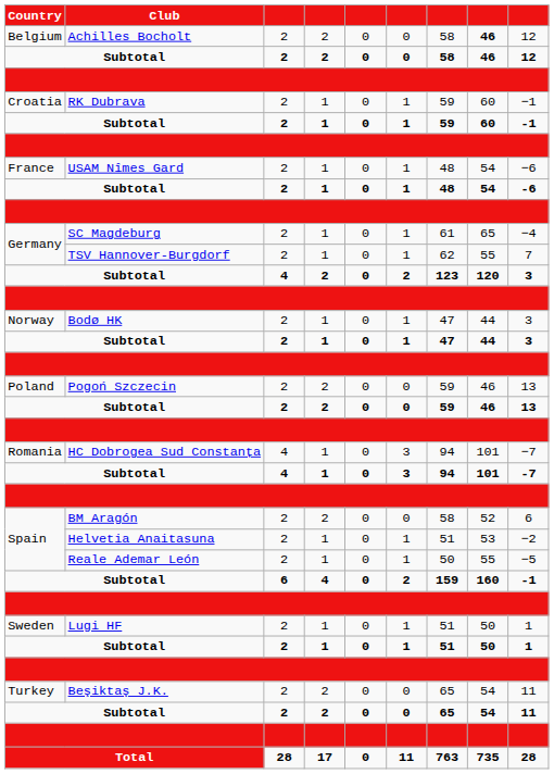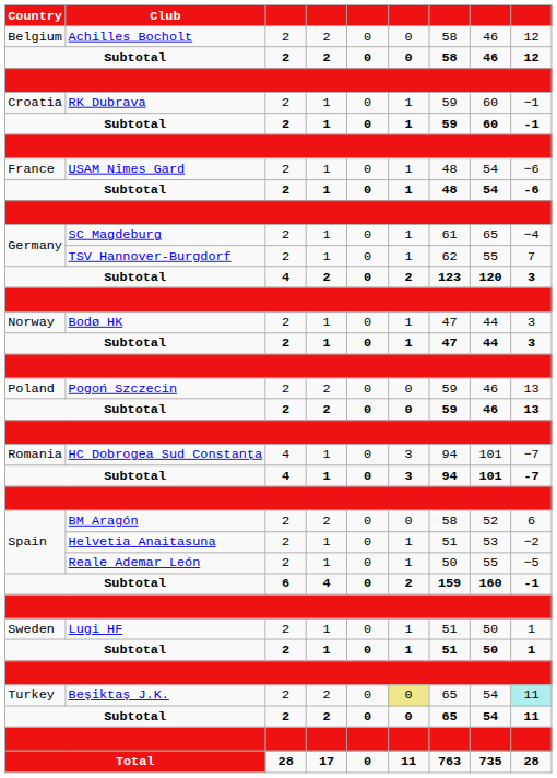 <table class="wikitable collapsible collapsed" style="text-align: center">
 <tr>
 <th scope="col" style="color:white; background:#EE1212">Country</th>
 <th scope="col" style="color:white; background:#EE1212">Club</th>
 <th scope="col"  style="width:35px; color:white; background:#ee1212;"></th>
 <th scope="col"  style="width:35px; color:white; background:#ee1212;"></th>
 <th scope="col"  style="width:35px; color:white; background:#ee1212;"></th>
 <th scope="col"  style="width:35px; color:white; background:#ee1212;"></th>
 <th scope="col"  style="width:35px; color:white; background:#ee1212;"></th>
 <th scope="col"  style="width:35px; color:white; background:#ee1212;"></th>
 <th scope="col"  style="width:35px; color:white; background:#ee1212;"></th>
 </tr>
 <tr>
 <td align=left> Belgium</td>
 <td align=left><a href='#'>Achilles Bocholt</a></td>
 <td>2</td>
 <td>2</td>
 <td>0</td>
 <td>0</td>
 <td>58</td>
-<td><strong>46</strong></td>
+<td>46</td>
 <td>12</td>
 </tr>
 <tr>
 <td scope="col" colspan=2 align-"center"><strong>Subtotal</strong></td>
 <td><strong>2</strong></td>
 <td><strong>2</strong></td>
 <td><strong>0</strong></td>
 <td><strong>0</strong></td>
 <td><strong>58</strong></td>
 <td><strong>46</strong></td>
 <td><strong>12</strong></td>
 </tr>
 <tr>
 <th scope="col" colspan="9"  style="height:18px; background:#ee1212;"></th>
 </tr>
 <tr>
 <td align=left> Croatia</td>
 <td align=left><a href='#'>RK Dubrava</a></td>
 <td>2</td>
 <td>1</td>
 <td>0</td>
 <td>1</td>
 <td>59</td>
 <td>60</td>
 <td>−1</td>
 </tr>
 <tr>
 <td scope="col" colspan=2 align-"center"><strong>Subtotal</strong></td>
 <td><strong>2</strong></td>
 <td><strong>1</strong></td>
 <td><strong>0</strong></td>
 <td><strong>1</strong></td>
 <td><strong>59</strong></td>
 <td><strong>60</strong></td>
 <td><strong>-1</strong></td>
 </tr>
 <tr>
 <th scope="col" colspan="9"  style="height:18px; background:#ee1212;"></th>
 </tr>
 <tr>
 <td align=left> France</td>
 <td align=left><a href='#'>USAM Nîmes Gard</a></td>
 <td>2</td>
 <td>1</td>
 <td>0</td>
 <td>1</td>
 <td>48</td>
 <td>54</td>
 <td>−6</td>
 </tr>
 <tr>
 <td scope="col" colspan=2 align-"center"><strong>Subtotal</strong></td>
 <td><strong>2</strong></td>
 <td><strong>1</strong></td>
 <td><strong>0</strong></td>
 <td><strong>1</strong></td>
 <td><strong>48</strong></td>
 <td><strong>54</strong></td>
 <td><strong>-6</strong></td>
 </tr>
 <tr>
 <th scope="col" colspan="9"  style="height:18px; background:#ee1212;"></th>
 </tr>
 <tr>
 <td rowspan="2" style="text-align:left;"> Germany</td>
 <td align=left><a href='#'>SC Magdeburg</a></td>
 <td>2</td>
 <td>1</td>
 <td>0</td>
 <td>1</td>
 <td>61</td>
 <td>65</td>
 <td>−4</td>
 </tr>
 <tr>
 <td align=left><a href='#'>TSV Hannover-Burgdorf</a></td>
 <td>2</td>
 <td>1</td>
 <td>0</td>
 <td>1</td>
 <td>62</td>
 <td>55</td>
 <td>7</td>
 </tr>
 <tr>
 <td scope="col" colspan=2 align-"center"><strong>Subtotal</strong></td>
 <td><strong>4</strong></td>
 <td><strong>2</strong></td>
 <td><strong>0</strong></td>
 <td><strong>2</strong></td>
 <td><strong>123</strong></td>
 <td><strong>120</strong></td>
 <td><strong>3</strong></td>
 </tr>
 <tr>
 <th scope="col" colspan="9"  style="height:18px; background:#ee1212;"></th>
 </tr>
 <tr>
 <td align=left> Norway</td>
 <td align=left><a href='#'>Bodø HK</a></td>
 <td>2</td>
 <td>1</td>
 <td>0</td>
 <td>1</td>
 <td>47</td>
 <td>44</td>
 <td>3</td>
 </tr>
 <tr>
 <td scope="col" colspan=2 align-"center"><strong>Subtotal</strong></td>
 <td><strong>2</strong></td>
 <td><strong>1</strong></td>
 <td><strong>0</strong></td>
 <td><strong>1</strong></td>
 <td><strong>47</strong></td>
 <td><strong>44</strong></td>
 <td><strong>3</strong></td>
 </tr>
 <tr>
 <th scope="col" colspan="9"  style="height:18px; background:#ee1212;"></th>
 </tr>
 <tr>
 <td align=left> Poland</td>
 <td align=left><a href='#'>Pogoń Szczecin</a></td>
 <td>2</td>
 <td>2</td>
 <td>0</td>
 <td>0</td>
 <td>59</td>
 <td>46</td>
 <td>13</td>
 </tr>
 <tr>
 <td scope="col" colspan=2 align-"center"><strong>Subtotal</strong></td>
 <td><strong>2</strong></td>
 <td><strong>2</strong></td>
 <td><strong>0</strong></td>
 <td><strong>0</strong></td>
 <td><strong>59</strong></td>
 <td><strong>46</strong></td>
 <td><strong>13</strong></td>
 </tr>
 <tr>
 <th scope="col" colspan="9"  style="height:18px; background:#ee1212;"></th>
 </tr>
 <tr>
 <td align=left> Romania</td>
 <td align=left><a href='#'>HC Dobrogea Sud Constanța</a></td>
 <td>4</td>
 <td>1</td>
 <td>0</td>
 <td>3</td>
 <td>94</td>
 <td>101</td>
 <td>−7</td>
 </tr>
 <tr>
 <td scope="col" colspan=2 align-"center"><strong>Subtotal</strong></td>
 <td><strong>4</strong></td>
 <td><strong>1</strong></td>
 <td><strong>0</strong></td>
 <td><strong>3</strong></td>
 <td><strong>94</strong></td>
 <td><strong>101</strong></td>
 <td><strong>-7</strong></td>
 </tr>
 <tr>
 <th scope="col" colspan="9"  style="height:18px; background:#ee1212;"></th>
 </tr>
 <tr>
 <td rowspan="3" style="text-align:left;"> Spain</td>
 <td align=left><a href='#'>BM Aragón</a></td>
 <td>2</td>
 <td>2</td>
 <td>0</td>
 <td>0</td>
 <td>58</td>
 <td>52</td>
 <td>6</td>
 </tr>
 <tr>
 <td align=left><a href='#'>Helvetia Anaitasuna</a></td>
 <td>2</td>
 <td>1</td>
 <td>0</td>
 <td>1</td>
 <td>51</td>
 <td>53</td>
 <td>−2</td>
 </tr>
 <tr>
 <td align=left><a href='#'>Reale Ademar León</a></td>
 <td>2</td>
 <td>1</td>
 <td>0</td>
 <td>1</td>
 <td>50</td>
 <td>55</td>
 <td>−5</td>
 </tr>
 <tr>
 <td scope="col" colspan=2 align-"center"><strong>Subtotal</strong></td>
 <td><strong>6</strong></td>
 <td><strong>4</strong></td>
 <td><strong>0</strong></td>
 <td><strong>2</strong></td>
 <td><strong>159</strong></td>
 <td><strong>160</strong></td>
 <td><strong>-1</strong></td>
 </tr>
 <tr>
 <th scope="col" colspan="9"  style="height:18px; background:#ee1212;"></th>
 </tr>
 <tr>
 <td align=left> Sweden</td>
 <td align=left><a href='#'>Lugi HF</a></td>
 <td>2</td>
 <td>1</td>
 <td>0</td>
 <td>1</td>
 <td>51</td>
 <td>50</td>
 <td>1</td>
 </tr>
 <tr>
 <td scope="col" colspan=2 align-"center"><strong>Subtotal</strong></td>
 <td><strong>2</strong></td>
 <td><strong>1</strong></td>
 <td><strong>0</strong></td>
 <td><strong>1</strong></td>
 <td><strong>51</strong></td>
 <td><strong>50</strong></td>
 <td><strong>1</strong></td>
 </tr>
 <tr>
 <th scope="col" colspan="9"  style="height:18px; background:#ee1212;"></th>
 </tr>
 <tr>
 <td align=left> Turkey</td>
 <td align=left><a href='#'>Beşiktaş J.K.</a></td>
 <td>2</td>
 <td>2</td>
 <td>0</td>
-<td>0</td>
+<td style="background: khaki;">0</td>
 <td>65</td>
 <td>54</td>
-<td>11</td>
+<td style="background: paleturquoise;">11</td>
 </tr>
 <tr>
 <td scope="col" colspan=2 align-"center"><strong>Subtotal</strong></td>
 <td><strong>2</strong></td>
 <td><strong>2</strong></td>
 <td><strong>0</strong></td>
 <td><strong>0</strong></td>
 <td><strong>65</strong></td>
 <td><strong>54</strong></td>
 <td><strong>11</strong></td>
 </tr>
 <tr>
 <th scope="col" colspan="2"  style="height:18px; color:white; background:#ee1212;"></th>
 <th scope="col"  style="width:35px; color:white; background:#ee1212;"></th>
 <th scope="col"  style="width:35px; color:white; background:#ee1212;"></th>
 <th scope="col"  style="width:35px; color:white; background:#ee1212;"></th>
 <th scope="col"  style="width:35px; color:white; background:#ee1212;"></th>
 <th scope="col"  style="width:35px; color:white; background:#ee1212;"></th>
 <th scope="col"  style="width:35px; color:white; background:#ee1212;"></th>
 <th scope="col"  style="width:35px; color:white; background:#ee1212;"></th>
 </tr>
 <tr>
 <td colspan=2 align-"center" style="color:white; background:#EE1212"><strong>Total</strong></td>
 <td><strong>28</strong></td>
 <td><strong>17</strong></td>
 <td><strong>0</strong></td>
 <td><strong>11</strong></td>
 <td><strong>763</strong></td>
 <td><strong>735</strong></td>
 <td><strong>28</strong></td>
 </tr>
 </table>
